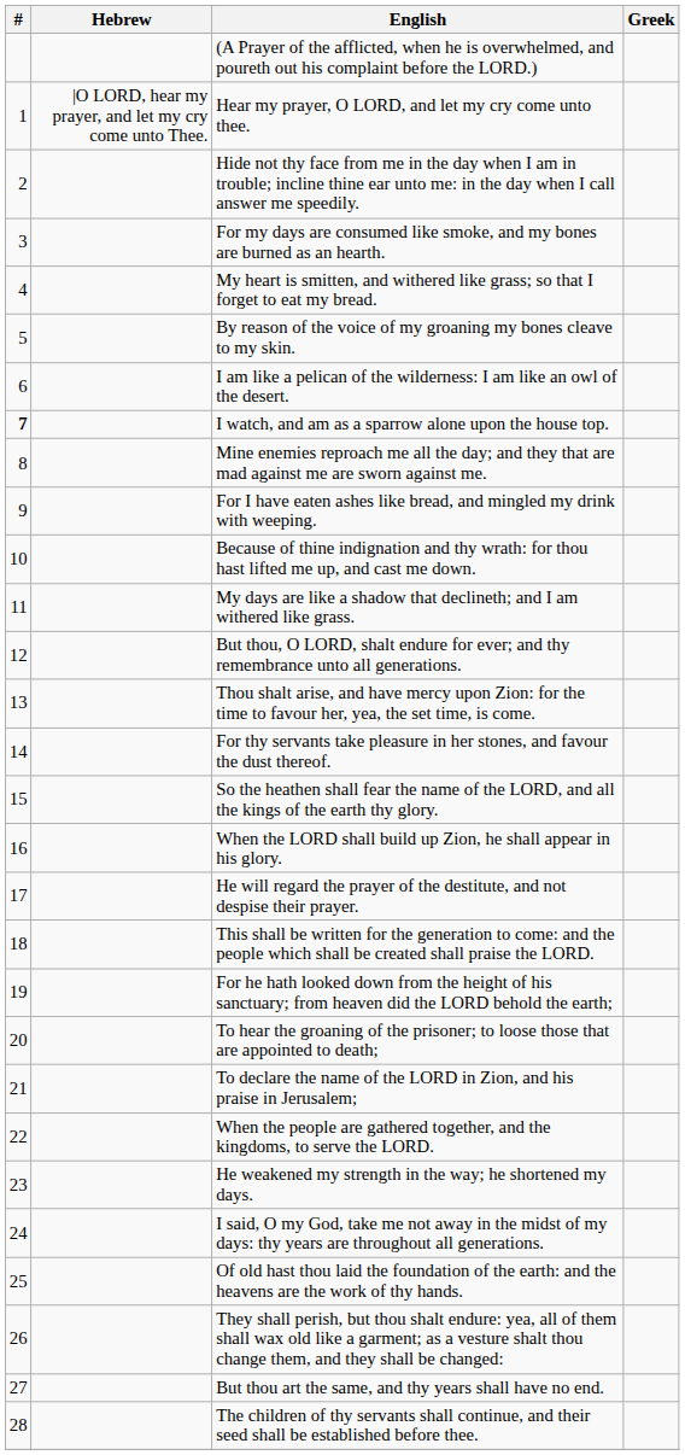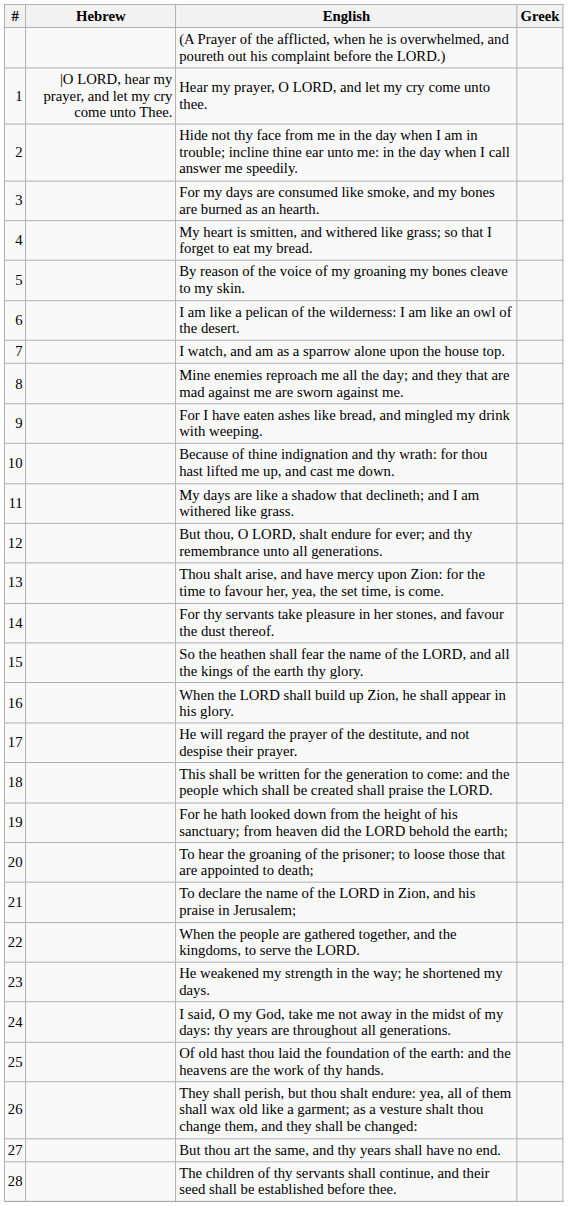 <table class=wikitable>
 <tr>
 <th>#</th>
 <th>Hebrew</th>
 <th>English</th>
 <th>Greek</th>
 </tr>
 <tr>
 <td style="text-align:right"></td>
 <td style="text-align:right"></td>
 <td>(A Prayer of the afflicted, when he is overwhelmed, and poureth out his complaint before the LORD.)</td>
 <td></td>
 </tr>
 <tr>
 <td style="text-align:right">1</td>
 <td style="text-align:right">|O LORD, hear my prayer, and let my cry come unto Thee.</td>
 <td>Hear my prayer, O LORD, and let my cry come unto thee.</td>
 <td></td>
 </tr>
 <tr>
 <td style="text-align:right">2</td>
 <td style="text-align:right"></td>
 <td>Hide not thy face from me in the day when I am in trouble; incline thine ear unto me: in the day when I call answer me speedily.</td>
 <td></td>
 </tr>
 <tr>
 <td style="text-align:right">3</td>
 <td style="text-align:right"></td>
 <td>For my days are consumed like smoke, and my bones are burned as an hearth.</td>
 <td></td>
 </tr>
 <tr>
 <td style="text-align:right">4</td>
 <td style="text-align:right"></td>
 <td>My heart is smitten, and withered like grass; so that I forget to eat my bread.</td>
 <td></td>
 </tr>
 <tr>
 <td style="text-align:right">5</td>
 <td style="text-align:right"></td>
 <td>By reason of the voice of my groaning my bones cleave to my skin.</td>
 <td></td>
 </tr>
 <tr>
 <td style="text-align:right">6</td>
 <td style="text-align:right"></td>
 <td>I am like a pelican of the wilderness: I am like an owl of the desert.</td>
 <td></td>
 </tr>
 <tr>
-<td style="text-align:right"><strong>7</strong></td>
+<td style="text-align:right">7</td>
 <td style="text-align:right"></td>
 <td>I watch, and am as a sparrow alone upon the house top.</td>
 <td></td>
 </tr>
 <tr>
 <td style="text-align:right">8</td>
 <td style="text-align:right"></td>
 <td>Mine enemies reproach me all the day; and they that are mad against me are sworn against me.</td>
 <td></td>
 </tr>
 <tr>
 <td style="text-align:right">9</td>
 <td style="text-align:right"></td>
 <td>For I have eaten ashes like bread, and mingled my drink with weeping.</td>
 <td></td>
 </tr>
 <tr>
 <td style="text-align:right">10</td>
 <td style="text-align:right"></td>
 <td>Because of thine indignation and thy wrath: for thou hast lifted me up, and cast me down.</td>
 <td></td>
 </tr>
 <tr>
 <td style="text-align:right">11</td>
 <td style="text-align:right"></td>
 <td>My days are like a shadow that declineth; and I am withered like grass.</td>
 <td></td>
 </tr>
 <tr>
 <td style="text-align:right">12</td>
 <td style="text-align:right"></td>
 <td>But thou, O LORD, shalt endure for ever; and thy remembrance unto all generations.</td>
 <td></td>
 </tr>
 <tr>
 <td style="text-align:right">13</td>
 <td style="text-align:right"></td>
 <td>Thou shalt arise, and have mercy upon Zion: for the time to favour her, yea, the set time, is come.</td>
 <td></td>
 </tr>
 <tr>
 <td style="text-align:right">14</td>
 <td style="text-align:right"></td>
 <td>For thy servants take pleasure in her stones, and favour the dust thereof.</td>
 <td></td>
 </tr>
 <tr>
 <td style="text-align:right">15</td>
 <td style="text-align:right"></td>
 <td>So the heathen shall fear the name of the LORD, and all the kings of the earth thy glory.</td>
 <td></td>
 </tr>
 <tr>
 <td style="text-align:right">16</td>
 <td style="text-align:right"></td>
 <td>When the LORD shall build up Zion, he shall appear in his glory.</td>
 <td></td>
 </tr>
 <tr>
 <td style="text-align:right">17</td>
 <td style="text-align:right"></td>
 <td>He will regard the prayer of the destitute, and not despise their prayer.</td>
 <td></td>
 </tr>
 <tr>
 <td style="text-align:right">18</td>
 <td style="text-align:right"></td>
 <td>This shall be written for the generation to come: and the people which shall be created shall praise the LORD.</td>
 <td></td>
 </tr>
 <tr>
 <td style="text-align:right">19</td>
 <td style="text-align:right"></td>
 <td>For he hath looked down from the height of his sanctuary; from heaven did the LORD behold the earth;</td>
 <td></td>
 </tr>
 <tr>
 <td style="text-align:right">20</td>
 <td style="text-align:right"></td>
 <td>To hear the groaning of the prisoner; to loose those that are appointed to death;</td>
 <td></td>
 </tr>
 <tr>
 <td style="text-align:right">21</td>
 <td style="text-align:right"></td>
 <td>To declare the name of the LORD in Zion, and his praise in Jerusalem;</td>
 <td></td>
 </tr>
 <tr>
 <td style="text-align:right">22</td>
 <td style="text-align:right"></td>
 <td>When the people are gathered together, and the kingdoms, to serve the LORD.</td>
 <td></td>
 </tr>
 <tr>
 <td style="text-align:right">23</td>
 <td style="text-align:right"></td>
 <td>He weakened my strength in the way; he shortened my days.</td>
 <td></td>
 </tr>
 <tr>
 <td style="text-align:right">24</td>
 <td style="text-align:right"></td>
 <td>I said, O my God, take me not away in the midst of my days: thy years are throughout all generations.</td>
 <td></td>
 </tr>
 <tr>
 <td style="text-align:right">25</td>
 <td style="text-align:right"></td>
 <td>Of old hast thou laid the foundation of the earth: and the heavens are the work of thy hands.</td>
 <td></td>
 </tr>
 <tr>
 <td style="text-align:right">26</td>
 <td style="text-align:right"></td>
 <td>They shall perish, but thou shalt endure: yea, all of them shall wax old like a garment; as a vesture shalt thou change them, and they shall be changed:</td>
 <td></td>
 </tr>
 <tr>
 <td style="text-align:right">27</td>
 <td style="text-align:right"></td>
 <td>But thou art the same, and thy years shall have no end.</td>
 <td></td>
 </tr>
 <tr>
 <td style="text-align:right">28</td>
 <td style="text-align:right"></td>
 <td>The children of thy servants shall continue, and their seed shall be established before thee.</td>
 <td></td>
 </tr>
 <tr>
 </tr>
 </table>
